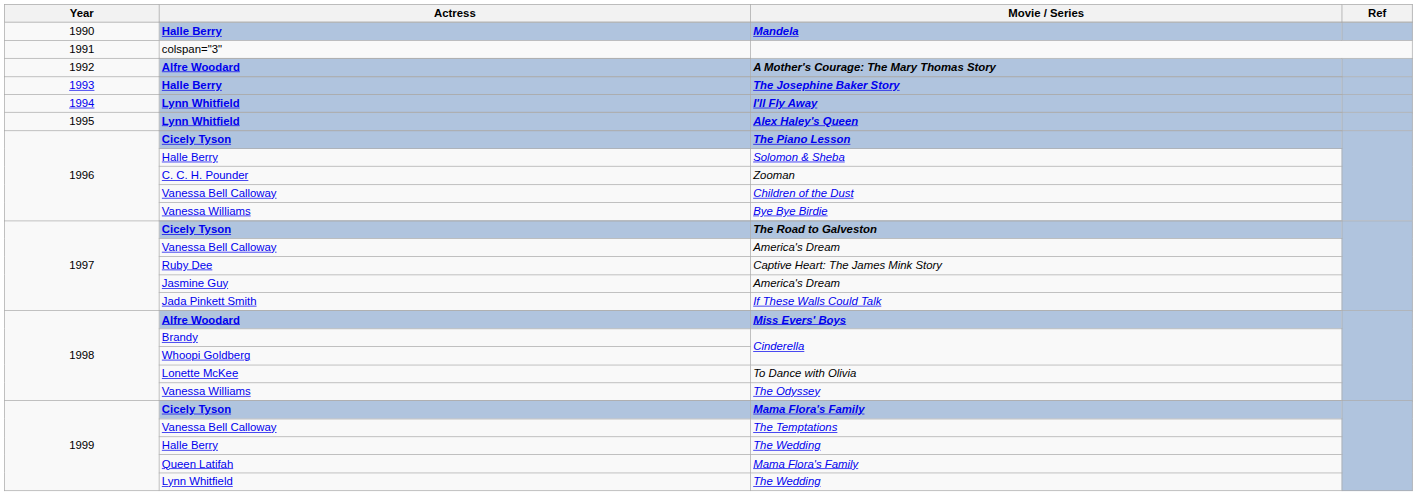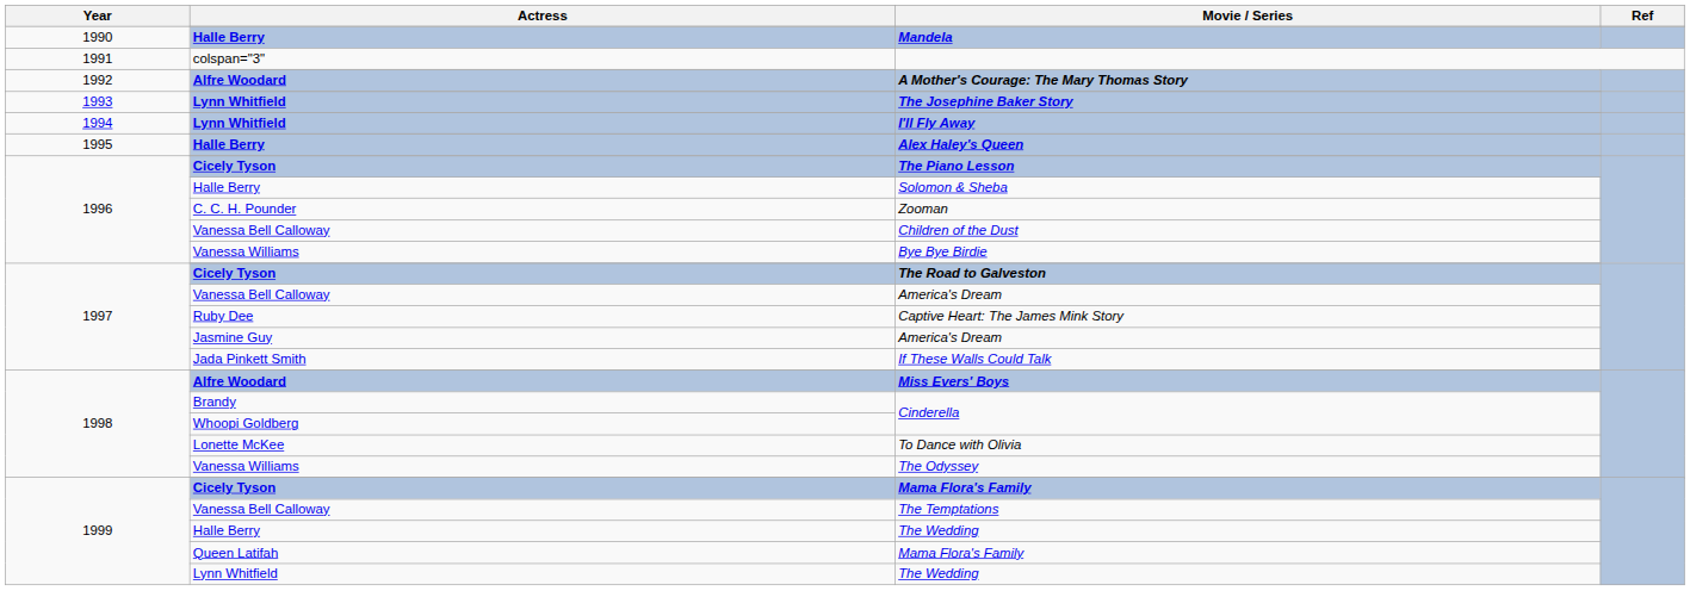 <table class="wikitable" style="width:100%;">
 <tr style="background:#bebebe;">
 <th style="width:11%;">Year</th>
 <th style="width:42%;">Actress</th>
 <th style="width:42%;">Movie / Series</th>
 <th style="width:5%;">Ref</th>
 </tr>
 <tr>
 <td rowspan="2" align="center">1990</td>
 </tr>
 <tr style="background:#B0C4DE">
 <td><strong><a href='#'>Halle Berry</a></strong></td>
 <td><strong><em><a href='#'>Mandela</a></em></strong></td>
 <td align="center"></td>
 </tr>
 <tr>
 <td align="center">1991</td>
 <td>colspan="3" </td>
 </tr>
 <tr>
 <td rowspan="2" align="center">1992</td>
 </tr>
 <tr style="background:#B0C4DE">
 <td><strong><a href='#'>Alfre Woodard</a></strong></td>
 <td><strong><em>A Mother's Courage: The Mary Thomas Story</em></strong></td>
 <td rowspan="2" align="center"></td>
 </tr>
 <tr>
 <td rowspan="2" align="center"><a href='#'>1993</a></td>
 </tr>
 <tr style="background:#B0C4DE">
-<td><strong><a href='#'>Halle Berry</a></strong></td>
+<td><strong><a href='#'>Lynn Whitfield</a></strong></td>
 <td><strong><em><a href='#'>The Josephine Baker Story</a></em></strong></td>
 <td rowspan="2" align="center"></td>
 </tr>
 <tr>
 <td rowspan="2" align="center"><a href='#'>1994</a></td>
 </tr>
 <tr style="background:#B0C4DE">
 <td><strong><a href='#'>Lynn Whitfield</a></strong></td>
 <td><strong><em><a href='#'>I'll Fly Away</a></em></strong></td>
 <td rowspan="2" align="center"></td>
 </tr>
 <tr>
 <td rowspan="2" align="center">1995</td>
 </tr>
 <tr style="background:#B0C4DE">
-<td><strong><a href='#'>Lynn Whitfield</a></strong></td>
+<td><strong><a href='#'>Halle Berry</a></strong></td>
 <td><strong><em><a href='#'>Alex Haley's Queen</a></em></strong></td>
 <td rowspan="2" align="center"></td>
 </tr>
 <tr>
 <td rowspan="6" align="center">1996</td>
 </tr>
 <tr style="background:#B0C4DE">
 <td><strong><a href='#'>Cicely Tyson</a></strong></td>
 <td><strong><em><a href='#'>The Piano Lesson</a></em></strong></td>
 <td rowspan="6" align="center"></td>
 </tr>
 <tr>
 <td><a href='#'>Halle Berry</a></td>
 <td><em><a href='#'>Solomon & Sheba</a></em></td>
 </tr>
 <tr>
 <td><a href='#'>C. C. H. Pounder</a></td>
 <td><em>Zooman</em></td>
 </tr>
 <tr>
 <td><a href='#'>Vanessa Bell Calloway</a></td>
 <td><em><a href='#'>Children of the Dust</a></em></td>
 </tr>
 <tr>
 <td><a href='#'>Vanessa Williams</a></td>
 <td><em><a href='#'>Bye Bye Birdie</a></em></td>
 </tr>
 <tr>
 <td rowspan="6" align="center">1997</td>
 </tr>
 <tr style="background:#B0C4DE">
 <td><strong><a href='#'>Cicely Tyson</a></strong></td>
 <td><strong><em>The Road to Galveston</em></strong></td>
 <td rowspan="6" align="center"></td>
 </tr>
 <tr>
 <td><a href='#'>Vanessa Bell Calloway</a></td>
 <td><em>America's Dream</em></td>
 </tr>
 <tr>
 <td><a href='#'>Ruby Dee</a></td>
 <td><em>Captive Heart: The James Mink Story</em></td>
 </tr>
 <tr>
 <td><a href='#'>Jasmine Guy</a></td>
 <td><em>America's Dream</em></td>
 </tr>
 <tr>
 <td><a href='#'>Jada Pinkett Smith</a></td>
 <td><em><a href='#'>If These Walls Could Talk</a></em></td>
 </tr>
 <tr>
 <td rowspan="6" align="center">1998</td>
 </tr>
 <tr style="background:#B0C4DE">
 <td><strong><a href='#'>Alfre Woodard</a></strong></td>
 <td><strong><em><a href='#'>Miss Evers' Boys</a></em></strong></td>
 <td rowspan="6" align="center"></td>
 </tr>
 <tr>
 <td><a href='#'>Brandy</a></td>
 <td rowspan="2"><em><a href='#'>Cinderella</a></em></td>
 </tr>
 <tr>
 <td><a href='#'>Whoopi Goldberg</a></td>
 </tr>
 <tr>
 <td><a href='#'>Lonette McKee</a></td>
 <td><em>To Dance with Olivia</em></td>
 </tr>
 <tr>
 <td><a href='#'>Vanessa Williams</a></td>
 <td><em><a href='#'>The Odyssey</a></em></td>
 </tr>
 <tr>
 <td rowspan="6" align="center">1999</td>
 </tr>
 <tr style="background:#B0C4DE">
 <td><strong><a href='#'>Cicely Tyson</a></strong></td>
 <td><strong><em><a href='#'>Mama Flora's Family</a></em></strong></td>
 <td rowspan="6" align="center"></td>
 </tr>
 <tr>
 <td><a href='#'>Vanessa Bell Calloway</a></td>
 <td><em><a href='#'>The Temptations</a></em></td>
 </tr>
 <tr>
 <td><a href='#'>Halle Berry</a></td>
 <td><em><a href='#'>The Wedding</a></em></td>
 </tr>
 <tr>
 <td><a href='#'>Queen Latifah</a></td>
 <td><em><a href='#'>Mama Flora's Family</a></em></td>
 </tr>
 <tr>
 <td><a href='#'>Lynn Whitfield</a></td>
 <td><em><a href='#'>The Wedding</a></em></td>
 </tr>
 </table>
